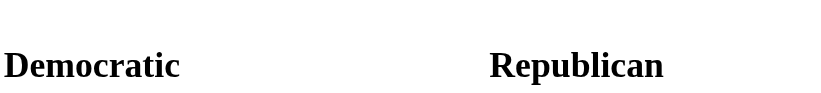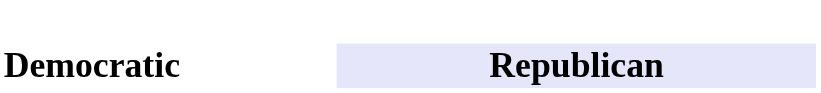 <table style="width:70%; text-align:center">
 <tr style="color:white">
 <td style="background:"><strong>157</strong></td>
 <td style="background:"><strong>136</strong></td>
 </tr>
 <tr>
 <td><span><strong>Democratic</strong></span></td>
-<td><span><strong>Republican</strong></span></td>
+<td style="background: lavender;"><span><strong>Republican</strong></span></td>
 </tr>
 </table>
